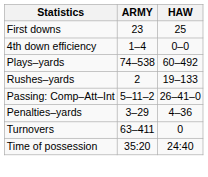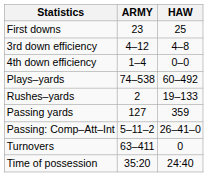 <table class="wikitable">
 <tr>
 <th>Statistics</th>
 <th>ARMY</th>
 <th>HAW</th>
 </tr>
 <tr>
 <td>First downs</td>
 <td align=center>23</td>
 <td align=center>25</td>
+</tr>
+<tr>
+<td>3rd down efficiency</td>
+<td align=center>4–12</td>
+<td align=center>4–8</td>
 </tr>
 <tr>
 <td>4th down efficiency</td>
 <td align=center>1–4</td>
 <td align=center>0–0</td>
 </tr>
 <tr>
 <td>Plays–yards</td>
 <td align=center>74–538</td>
 <td align=center>60–492</td>
 </tr>
 <tr>
 <td>Rushes–yards</td>
 <td align=center>2</td>
 <td align=center>19–133</td>
 </tr>
 <tr>
+<td>Passing yards</td>
+<td align=center>127</td>
+<td align=center>359</td>
+</tr>
+<tr>
 <td>Passing: Comp–Att–Int</td>
 <td align=center>5–11–2</td>
 <td align=center>26–41–0</td>
-</tr>
-<tr>
-<td>Penalties–yards</td>
-<td align=center>3–29</td>
-<td align=center>4–36</td>
 </tr>
 <tr>
 <td>Turnovers</td>
 <td align=center>63–411</td>
 <td align=center>0</td>
 </tr>
 <tr>
 <td>Time of possession</td>
 <td align=center>35:20</td>
 <td align=center>24:40</td>
 </tr>
 </table>
